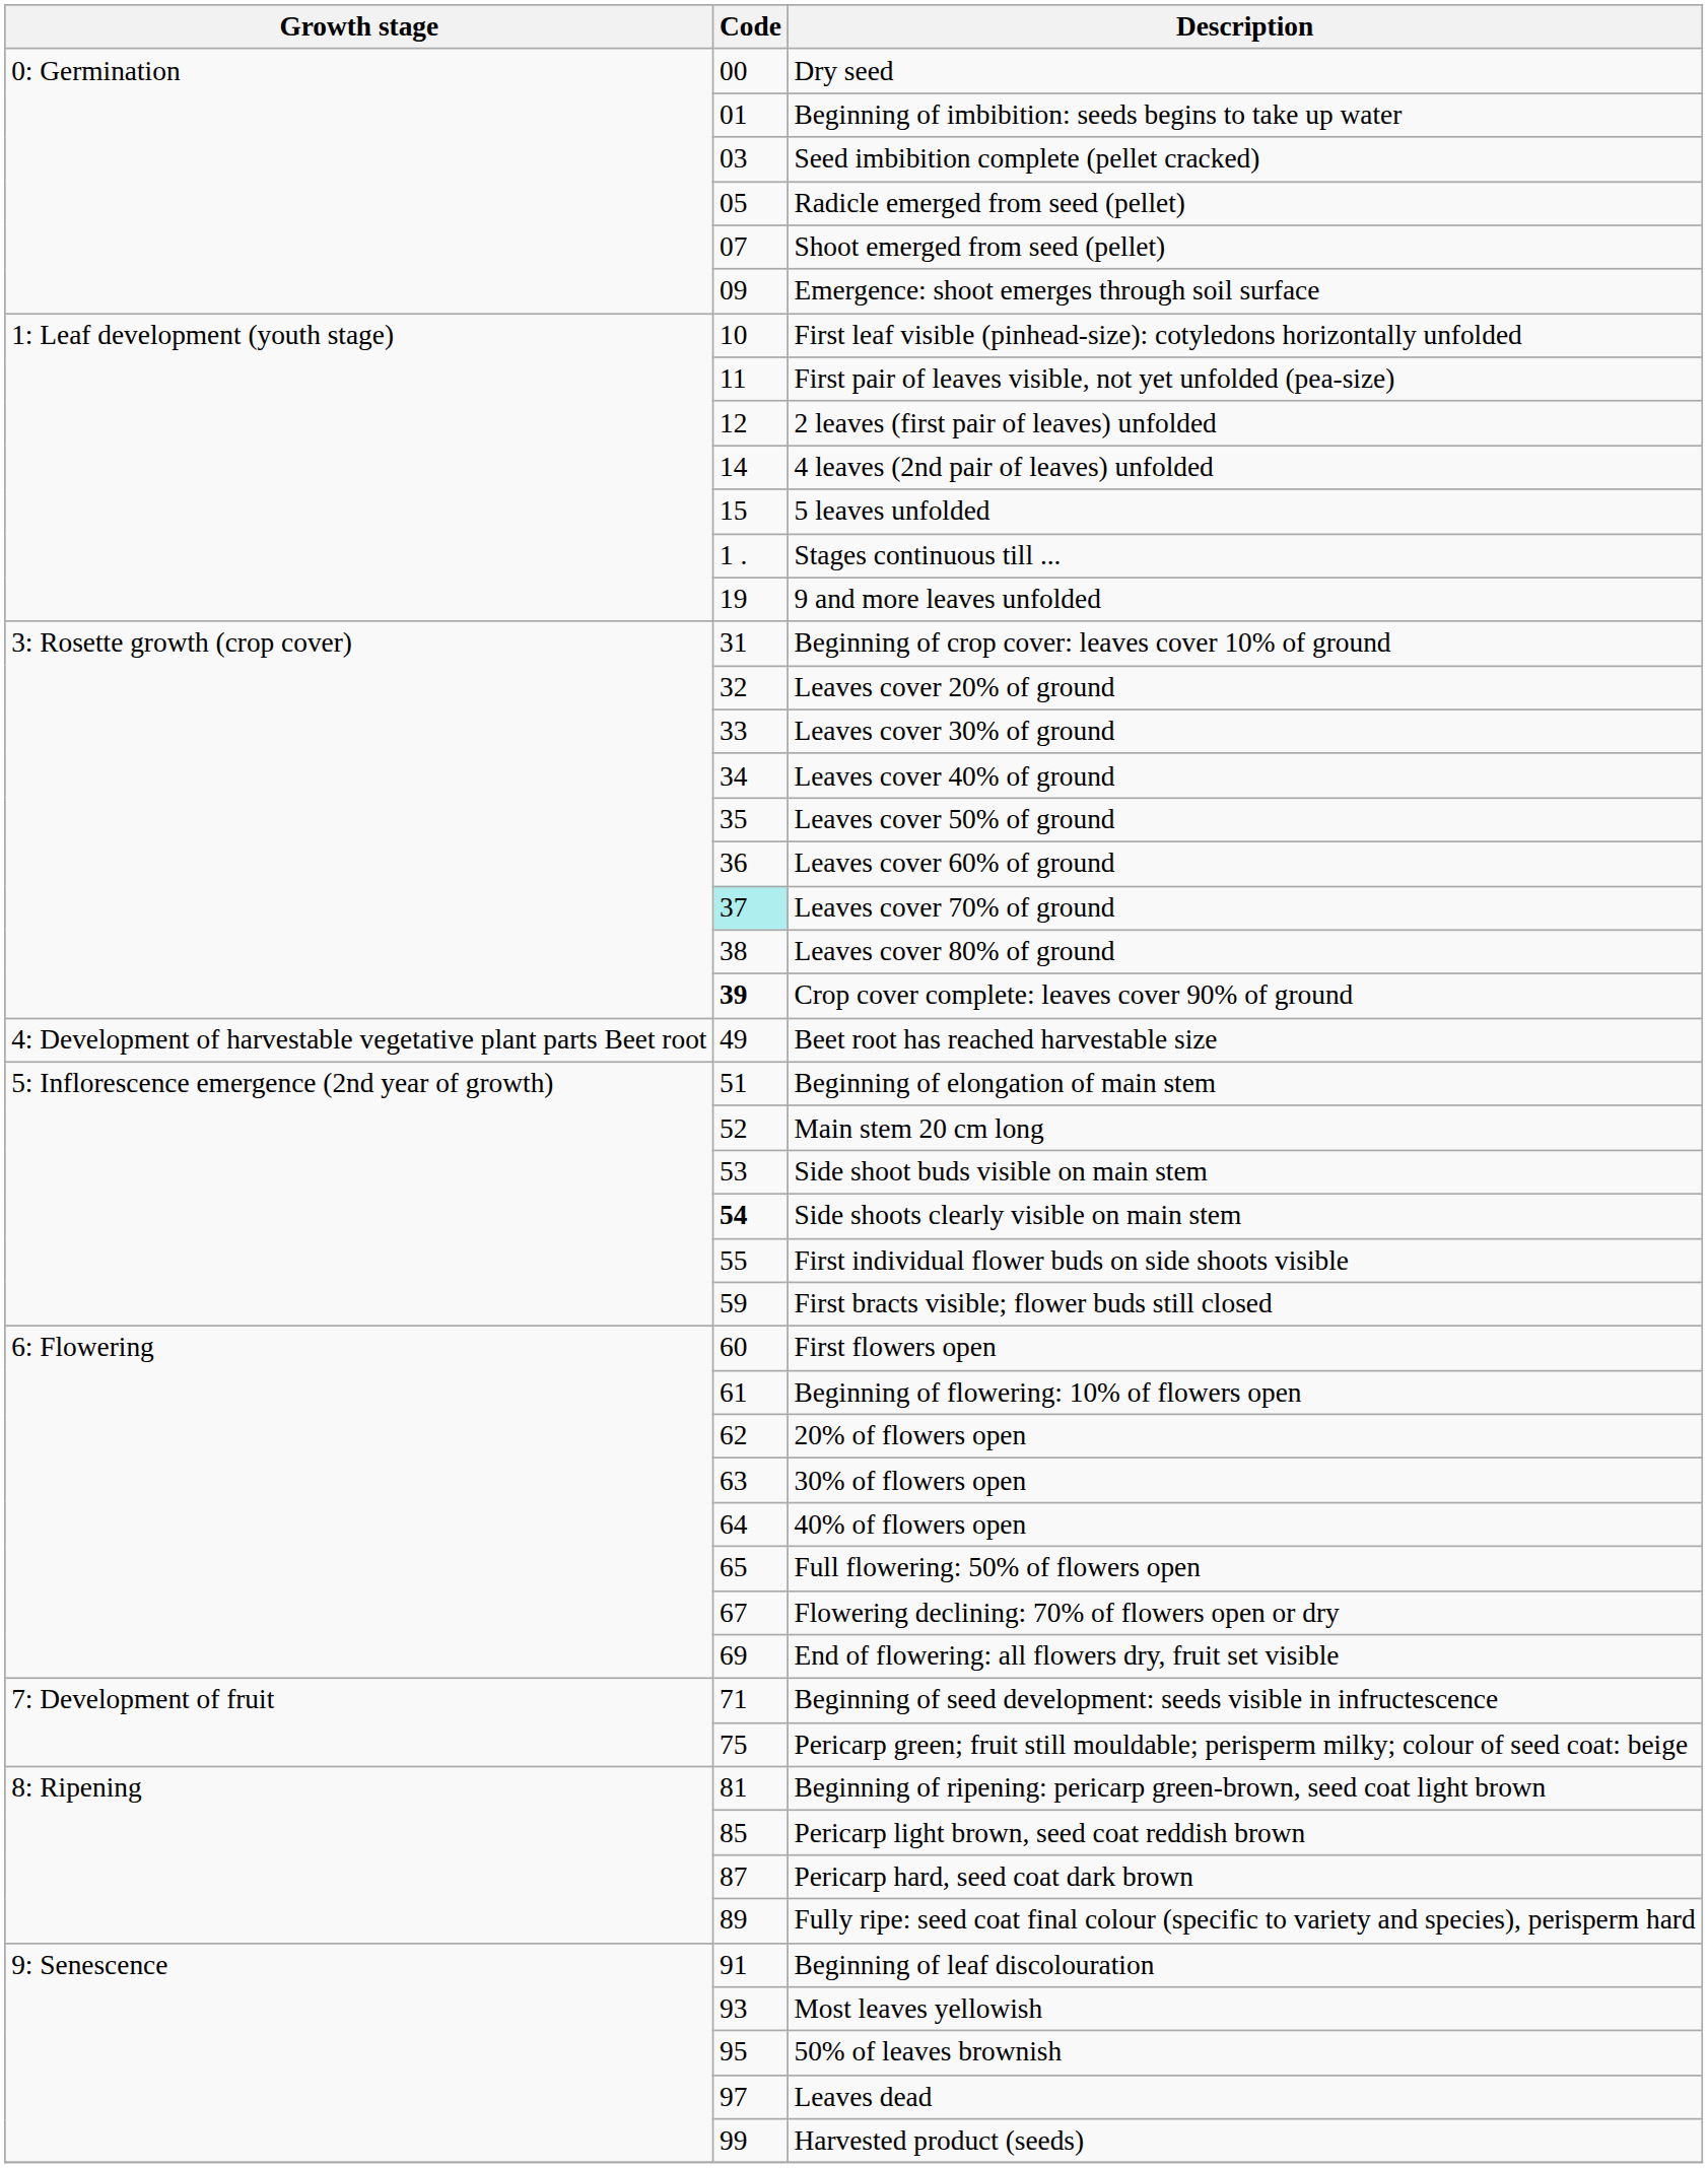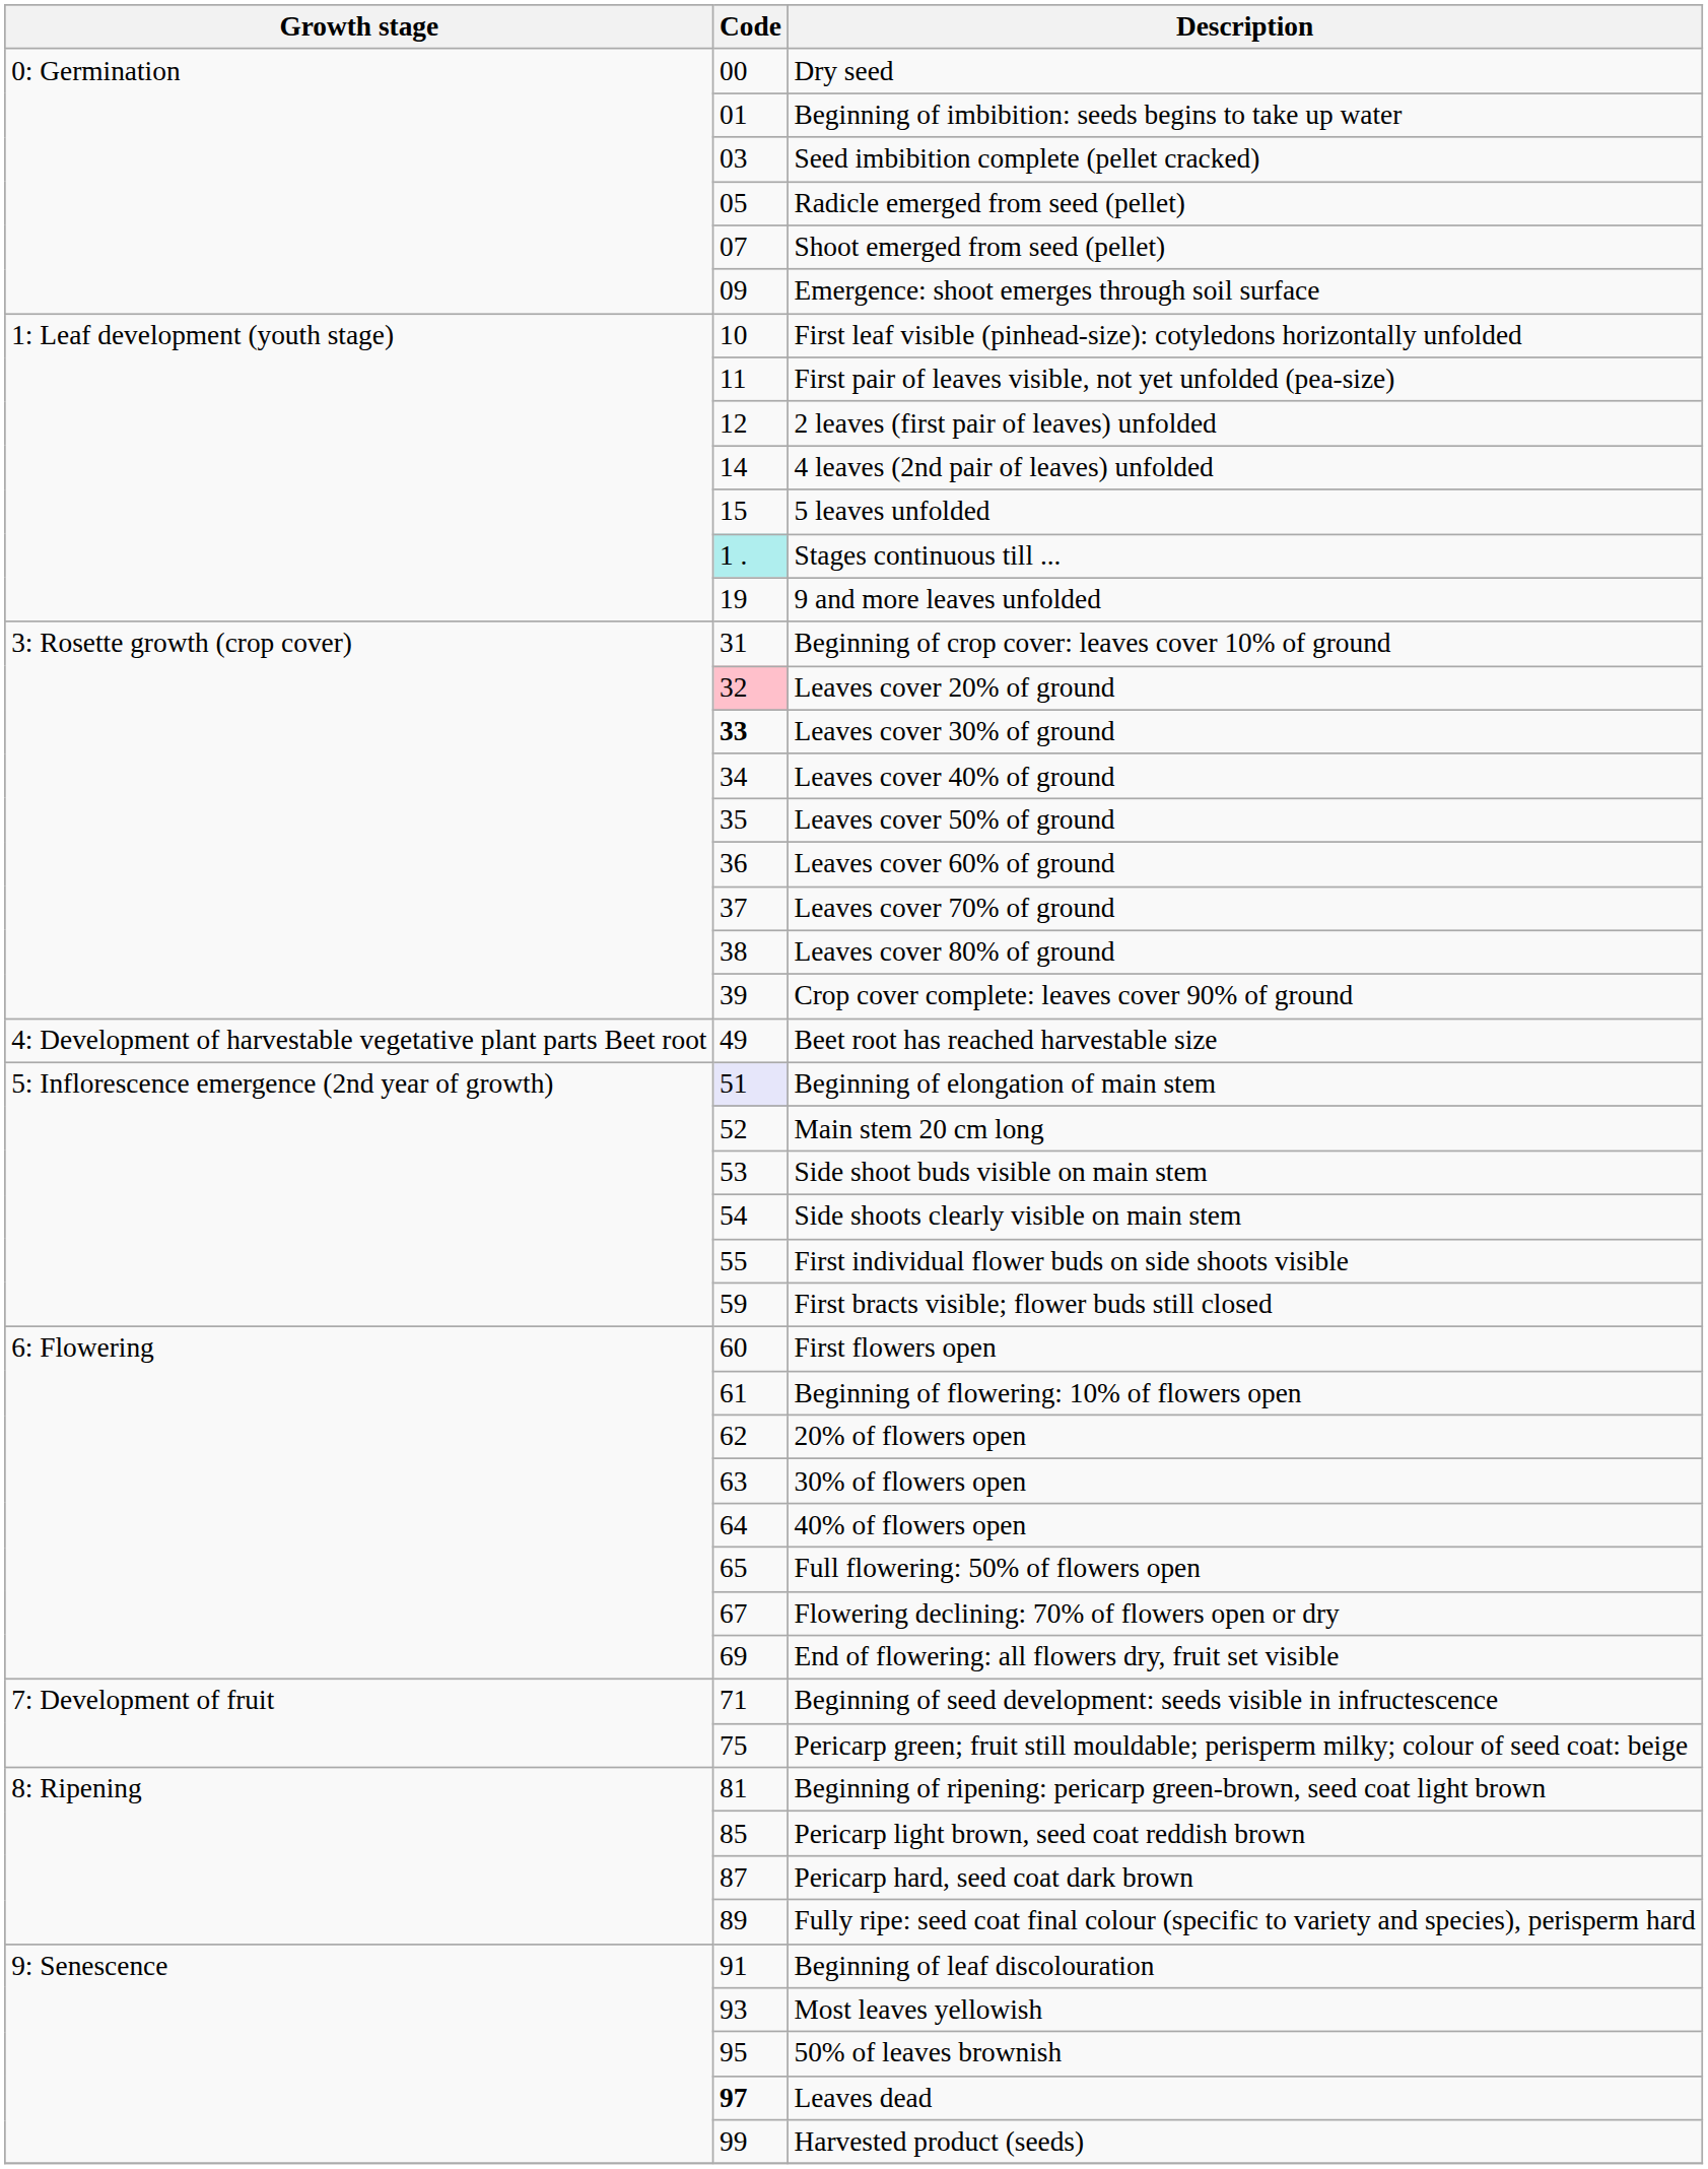 <table class="wikitable" style="clear">
 <tr>
 <th>Growth stage</th>
 <th>Code</th>
 <th>Description</th>
 </tr>
 <tr>
 <td rowspan="6" style="vertical-align:top">0: Germination</td>
 <td>00</td>
 <td>Dry seed</td>
 </tr>
 <tr>
 <td>01</td>
 <td>Beginning of imbibition: seeds begins to take up water</td>
 </tr>
 <tr>
 <td>03</td>
 <td>Seed imbibition complete (pellet cracked)</td>
 </tr>
 <tr>
 <td>05</td>
 <td>Radicle emerged from seed (pellet)</td>
 </tr>
 <tr>
 <td>07</td>
 <td>Shoot emerged from seed (pellet)</td>
 </tr>
 <tr>
 <td>09</td>
 <td>Emergence: shoot emerges through soil surface</td>
 </tr>
 <tr>
 <td rowspan="7" style="vertical-align:top">1: Leaf development (youth stage)</td>
 <td>10</td>
 <td>First leaf visible (pinhead-size): cotyledons horizontally unfolded</td>
 </tr>
 <tr>
 <td>11</td>
 <td>First pair of leaves visible, not yet unfolded (pea-size)</td>
 </tr>
 <tr>
 <td>12</td>
 <td>2 leaves (first pair of leaves) unfolded</td>
 </tr>
 <tr>
 <td>14</td>
 <td>4 leaves (2nd pair of leaves) unfolded</td>
 </tr>
 <tr>
 <td>15</td>
 <td>5 leaves unfolded</td>
 </tr>
 <tr>
-<td>1 .</td>
+<td style="background: paleturquoise;">1 .</td>
 <td>Stages continuous till ...</td>
 </tr>
 <tr>
 <td>19</td>
 <td>9 and more leaves unfolded</td>
 </tr>
 <tr>
 <td rowspan="9" style="vertical-align:top">3: Rosette growth (crop cover)</td>
 <td>31</td>
 <td>Beginning of crop cover: leaves cover 10% of ground</td>
 </tr>
 <tr>
-<td>32</td>
+<td style="background: pink;">32</td>
 <td>Leaves cover 20% of ground</td>
 </tr>
 <tr>
-<td>33</td>
+<td><strong>33</strong></td>
 <td>Leaves cover 30% of ground</td>
 </tr>
 <tr>
 <td>34</td>
 <td>Leaves cover 40% of ground</td>
 </tr>
 <tr>
 <td>35</td>
 <td>Leaves cover 50% of ground</td>
 </tr>
 <tr>
 <td>36</td>
 <td>Leaves cover 60% of ground</td>
 </tr>
 <tr>
-<td style="background: paleturquoise;">37</td>
+<td>37</td>
 <td>Leaves cover 70% of ground</td>
 </tr>
 <tr>
 <td>38</td>
 <td>Leaves cover 80% of ground</td>
 </tr>
 <tr>
-<td><strong>39</strong></td>
+<td>39</td>
 <td>Crop cover complete: leaves cover 90% of ground</td>
 </tr>
 <tr>
 <td>4: Development of harvestable vegetative plant parts Beet root</td>
 <td>49</td>
 <td>Beet root has reached harvestable size</td>
 </tr>
 <tr>
 <td rowspan="6" style="vertical-align:top">5: Inflorescence emergence (2nd year of growth)</td>
-<td>51</td>
+<td style="background: lavender;">51</td>
 <td>Beginning of elongation of main stem</td>
 </tr>
 <tr>
 <td>52</td>
 <td>Main stem 20 cm long</td>
 </tr>
 <tr>
 <td>53</td>
 <td>Side shoot buds visible on main stem</td>
 </tr>
 <tr>
-<td><strong>54</strong></td>
+<td>54</td>
 <td>Side shoots clearly visible on main stem</td>
 </tr>
 <tr>
 <td>55</td>
 <td>First individual flower buds on side shoots visible</td>
 </tr>
 <tr>
 <td>59</td>
 <td>First bracts visible; flower buds still closed</td>
 </tr>
 <tr>
 <td rowspan="8" style="vertical-align:top">6: Flowering</td>
 <td>60</td>
 <td>First flowers open</td>
 </tr>
 <tr>
 <td>61</td>
 <td>Beginning of flowering: 10% of flowers open</td>
 </tr>
 <tr>
 <td>62</td>
 <td>20% of flowers open</td>
 </tr>
 <tr>
 <td>63</td>
 <td>30% of flowers open</td>
 </tr>
 <tr>
 <td>64</td>
 <td>40% of flowers open</td>
 </tr>
 <tr>
 <td>65</td>
 <td>Full flowering: 50% of flowers open</td>
 </tr>
 <tr>
 <td>67</td>
 <td>Flowering declining: 70% of flowers open or dry</td>
 </tr>
 <tr>
 <td>69</td>
 <td>End of flowering: all flowers dry, fruit set visible</td>
 </tr>
 <tr>
 <td rowspan="2" style="vertical-align:top">7: Development of fruit</td>
 <td>71</td>
 <td>Beginning of seed development: seeds visible in infructescence</td>
 </tr>
 <tr>
 <td>75</td>
 <td>Pericarp green; fruit still mouldable; perisperm milky; colour of seed coat: beige</td>
 </tr>
 <tr>
 <td rowspan="4" style="vertical-align:top">8: Ripening</td>
 <td>81</td>
 <td>Beginning of ripening: pericarp green-brown, seed coat light brown</td>
 </tr>
 <tr>
 <td>85</td>
 <td>Pericarp light brown, seed coat reddish brown</td>
 </tr>
 <tr>
 <td>87</td>
 <td>Pericarp hard, seed coat dark brown</td>
 </tr>
 <tr>
 <td>89</td>
 <td>Fully ripe: seed coat final colour (specific to variety and species), perisperm hard</td>
 </tr>
 <tr>
 <td rowspan="5" style="vertical-align:top">9: Senescence</td>
 <td>91</td>
 <td>Beginning of leaf discolouration</td>
 </tr>
 <tr>
 <td>93</td>
 <td>Most leaves yellowish</td>
 </tr>
 <tr>
 <td>95</td>
 <td>50% of leaves brownish</td>
 </tr>
 <tr>
-<td>97</td>
+<td><strong>97</strong></td>
 <td>Leaves dead</td>
 </tr>
 <tr>
 <td>99</td>
 <td>Harvested product (seeds)</td>
 </tr>
 <tr>
 </tr>
 </table>
